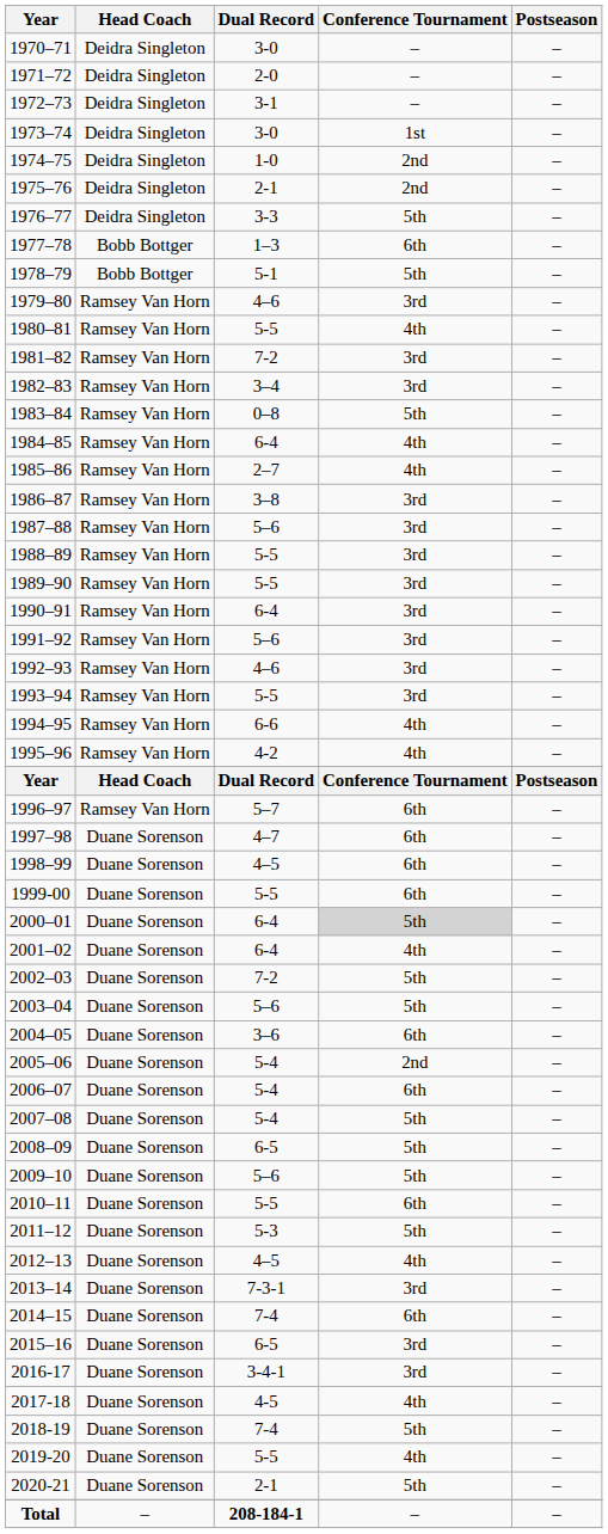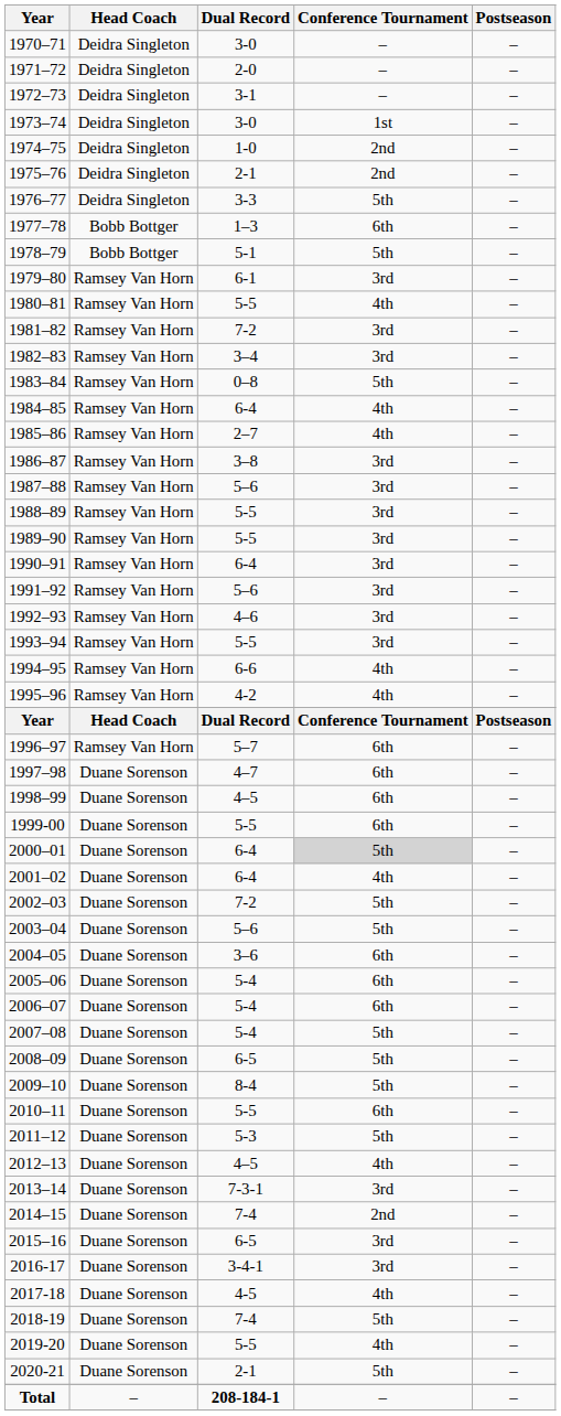 <table class="wikitable" style="text-align: center">
 <tr align=center>
 </tr>
 <tr>
 <th>Year</th>
 <th>Head Coach</th>
 <th>Dual Record</th>
 <th>Conference Tournament</th>
 <th>Postseason</th>
 </tr>
 <tr>
 <td>1970–71</td>
 <td>Deidra Singleton</td>
 <td>3-0</td>
 <td>–</td>
 <td>–</td>
 </tr>
 <tr>
 <td>1971–72</td>
 <td>Deidra Singleton</td>
 <td>2-0</td>
 <td>–</td>
 <td>–</td>
 </tr>
 <tr>
 <td>1972–73</td>
 <td>Deidra Singleton</td>
 <td>3-1</td>
 <td>–</td>
 <td>–</td>
 </tr>
 <tr>
 <td>1973–74</td>
 <td>Deidra Singleton</td>
 <td>3-0</td>
 <td>1st</td>
 <td>–</td>
 </tr>
 <tr>
 <td>1974–75</td>
 <td>Deidra Singleton</td>
 <td>1-0</td>
 <td>2nd</td>
 <td>–</td>
 </tr>
 <tr>
 <td>1975–76</td>
 <td>Deidra Singleton</td>
 <td>2-1</td>
 <td>2nd</td>
 <td>–</td>
 </tr>
 <tr>
 <td>1976–77</td>
 <td>Deidra Singleton</td>
 <td>3-3</td>
 <td>5th</td>
 <td>–</td>
 </tr>
 <tr>
 <td>1977–78</td>
 <td>Bobb Bottger</td>
 <td>1–3</td>
 <td>6th</td>
 <td>–</td>
 </tr>
 <tr>
 <td>1978–79</td>
 <td>Bobb Bottger</td>
 <td>5-1</td>
 <td>5th</td>
 <td>–</td>
 </tr>
 <tr>
 <td>1979–80</td>
 <td>Ramsey Van Horn</td>
-<td>4–6</td>
+<td>6-1</td>
 <td>3rd</td>
 <td>–</td>
 </tr>
 <tr>
 <td>1980–81</td>
 <td>Ramsey Van Horn</td>
 <td>5-5</td>
 <td>4th</td>
 <td>–</td>
 </tr>
 <tr>
 <td>1981–82</td>
 <td>Ramsey Van Horn</td>
 <td>7-2</td>
 <td>3rd</td>
 <td>–</td>
 </tr>
 <tr>
 <td>1982–83</td>
 <td>Ramsey Van Horn</td>
 <td>3–4</td>
 <td>3rd</td>
 <td>–</td>
 </tr>
 <tr>
 <td>1983–84</td>
 <td>Ramsey Van Horn</td>
 <td>0–8</td>
 <td>5th</td>
 <td>–</td>
 </tr>
 <tr>
 <td>1984–85</td>
 <td>Ramsey Van Horn</td>
 <td>6-4</td>
 <td>4th</td>
 <td>–</td>
 </tr>
 <tr>
 <td>1985–86</td>
 <td>Ramsey Van Horn</td>
 <td>2–7</td>
 <td>4th</td>
 <td>–</td>
 </tr>
 <tr>
 <td>1986–87</td>
 <td>Ramsey Van Horn</td>
 <td>3–8</td>
 <td>3rd</td>
 <td>–</td>
 </tr>
 <tr>
 <td>1987–88</td>
 <td>Ramsey Van Horn</td>
 <td>5–6</td>
 <td>3rd</td>
 <td>–</td>
 </tr>
 <tr>
 <td>1988–89</td>
 <td>Ramsey Van Horn</td>
 <td>5-5</td>
 <td>3rd</td>
 <td>–</td>
 </tr>
 <tr>
 <td>1989–90</td>
 <td>Ramsey Van Horn</td>
 <td>5-5</td>
 <td>3rd</td>
 <td>–</td>
 </tr>
 <tr>
 <td>1990–91</td>
 <td>Ramsey Van Horn</td>
 <td>6-4</td>
 <td>3rd</td>
 <td>–</td>
 </tr>
 <tr>
 <td>1991–92</td>
 <td>Ramsey Van Horn</td>
 <td>5–6</td>
 <td>3rd</td>
 <td>–</td>
 </tr>
 <tr>
 <td>1992–93</td>
 <td>Ramsey Van Horn</td>
 <td>4–6</td>
 <td>3rd</td>
 <td>–</td>
 </tr>
 <tr>
 <td>1993–94</td>
 <td>Ramsey Van Horn</td>
 <td>5-5</td>
 <td>3rd</td>
 <td>–</td>
 </tr>
 <tr>
 <td>1994–95</td>
 <td>Ramsey Van Horn</td>
 <td>6-6</td>
 <td>4th</td>
 <td>–</td>
 </tr>
 <tr>
 <td>1995–96</td>
 <td>Ramsey Van Horn</td>
 <td>4-2</td>
 <td>4th</td>
 <td>–</td>
 </tr>
 <tr>
 </tr>
 <tr>
 <th>Year</th>
 <th>Head Coach</th>
 <th>Dual Record</th>
 <th>Conference Tournament</th>
 <th>Postseason</th>
 </tr>
 <tr>
 <td>1996–97</td>
 <td>Ramsey Van Horn</td>
 <td>5–7</td>
 <td>6th</td>
 <td>–</td>
 </tr>
 <tr>
 <td>1997–98</td>
 <td>Duane Sorenson</td>
 <td>4–7</td>
 <td>6th</td>
 <td>–</td>
 </tr>
 <tr>
 <td>1998–99</td>
 <td>Duane Sorenson</td>
 <td>4–5</td>
 <td>6th</td>
 <td>–</td>
 </tr>
 <tr>
 <td>1999-00</td>
 <td>Duane Sorenson</td>
 <td>5-5</td>
 <td>6th</td>
 <td>–</td>
 </tr>
 <tr>
 <td>2000–01</td>
 <td>Duane Sorenson</td>
 <td>6-4</td>
 <td style="background: lightgrey;">5th</td>
 <td>–</td>
 </tr>
 <tr>
 <td>2001–02</td>
 <td>Duane Sorenson</td>
 <td>6-4</td>
 <td>4th</td>
 <td>–</td>
 </tr>
 <tr>
 <td>2002–03</td>
 <td>Duane Sorenson</td>
 <td>7-2</td>
 <td>5th</td>
 <td>–</td>
 </tr>
 <tr>
 <td>2003–04</td>
 <td>Duane Sorenson</td>
 <td>5–6</td>
 <td>5th</td>
 <td>–</td>
 </tr>
 <tr>
 <td>2004–05</td>
 <td>Duane Sorenson</td>
 <td>3–6</td>
 <td>6th</td>
 <td>–</td>
 </tr>
 <tr>
 <td>2005–06</td>
 <td>Duane Sorenson</td>
 <td>5-4</td>
-<td>2nd</td>
+<td>6th</td>
 <td>–</td>
 </tr>
 <tr>
 <td>2006–07</td>
 <td>Duane Sorenson</td>
 <td>5-4</td>
 <td>6th</td>
 <td>–</td>
 </tr>
 <tr>
 <td>2007–08</td>
 <td>Duane Sorenson</td>
 <td>5-4</td>
 <td>5th</td>
 <td>–</td>
 </tr>
 <tr>
 <td>2008–09</td>
 <td>Duane Sorenson</td>
 <td>6-5</td>
 <td>5th</td>
 <td>–</td>
 </tr>
 <tr>
 <td>2009–10</td>
 <td>Duane Sorenson</td>
-<td>5–6</td>
+<td>8-4</td>
 <td>5th</td>
 <td>–</td>
 </tr>
 <tr>
 <td>2010–11</td>
 <td>Duane Sorenson</td>
 <td>5-5</td>
 <td>6th</td>
 <td>–</td>
 </tr>
 <tr>
 <td>2011–12</td>
 <td>Duane Sorenson</td>
 <td>5-3</td>
 <td>5th</td>
 <td>–</td>
 </tr>
 <tr>
 <td>2012–13</td>
 <td>Duane Sorenson</td>
 <td>4–5</td>
 <td>4th</td>
 <td>–</td>
 </tr>
 <tr>
 <td>2013–14</td>
 <td>Duane Sorenson</td>
 <td>7-3-1</td>
 <td>3rd</td>
 <td>–</td>
 </tr>
 <tr>
 <td>2014–15</td>
 <td>Duane Sorenson</td>
 <td>7-4</td>
-<td>6th</td>
+<td>2nd</td>
 <td>–</td>
 </tr>
 <tr>
 <td>2015–16</td>
 <td>Duane Sorenson</td>
 <td>6-5</td>
 <td>3rd</td>
 <td>–</td>
 </tr>
 <tr>
 <td>2016-17</td>
 <td>Duane Sorenson</td>
 <td>3-4-1</td>
 <td>3rd</td>
 <td>–</td>
 </tr>
 <tr>
 <td>2017-18</td>
 <td>Duane Sorenson</td>
 <td>4-5</td>
 <td>4th</td>
 <td>–</td>
 </tr>
 <tr>
 <td>2018-19</td>
 <td>Duane Sorenson</td>
 <td>7-4</td>
 <td>5th</td>
 <td>–</td>
 </tr>
 <tr>
 <td>2019-20</td>
 <td>Duane Sorenson</td>
 <td>5-5</td>
 <td>4th</td>
 <td>–</td>
 </tr>
 <tr>
 <td>2020-21</td>
 <td>Duane Sorenson</td>
 <td>2-1</td>
 <td>5th</td>
 <td>–</td>
 </tr>
 <tr>
 </tr>
 <tr>
 <td><strong>Total</strong></td>
 <td>–</td>
 <td><strong>208-184-1</strong></td>
 <td>–</td>
 <td>–</td>
 </tr>
 <tr>
 </tr>
 </table>
